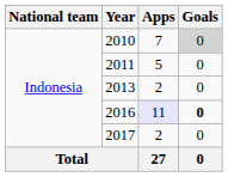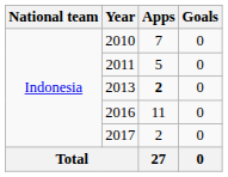 <table class="wikitable" style="text-align:center">
 <tr>
 <th>National team</th>
 <th>Year</th>
 <th>Apps</th>
 <th>Goals</th>
 </tr>
 <tr>
 <td rowspan="5"><a href='#'>Indonesia</a></td>
 <td>2010</td>
 <td>7</td>
-<td style="background: lightgrey;">0</td>
+<td>0</td>
 </tr>
 <tr>
 <td>2011</td>
 <td>5</td>
 <td>0</td>
 </tr>
 <tr>
 <td>2013</td>
-<td>2</td>
+<td><strong>2</strong></td>
 <td>0</td>
 </tr>
 <tr>
 <td>2016</td>
-<td style="background: lavender;">11</td>
-<td><strong>0</strong></td>
+<td>11</td>
+<td>0</td>
 </tr>
 <tr>
 <td>2017</td>
 <td>2</td>
 <td>0</td>
 </tr>
 <tr>
 <th colspan=2>Total</th>
 <th>27</th>
 <th>0</th>
 </tr>
 </table>
